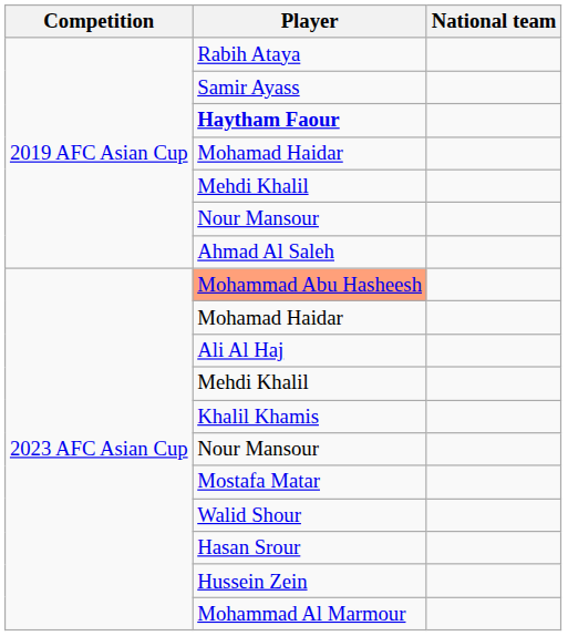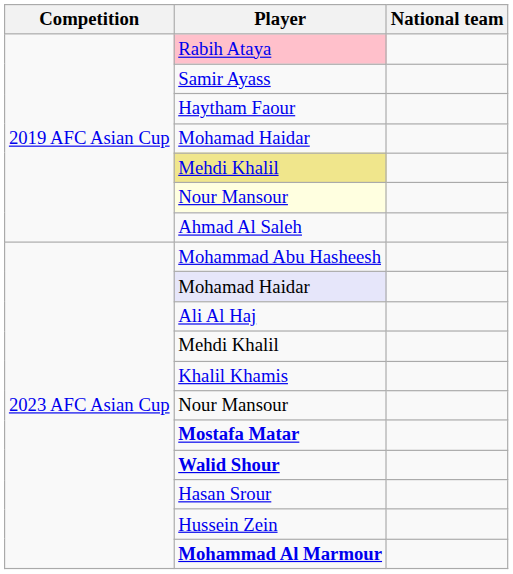 <table class="wikitable">
 <tr>
 <th>Competition</th>
 <th>Player</th>
 <th>National team</th>
 </tr>
 <tr>
 <td rowspan="7"><a href='#'>2019 AFC Asian Cup</a></td>
-<td><a href='#'>Rabih Ataya</a></td>
+<td style="background: pink;"><a href='#'>Rabih Ataya</a></td>
 <td></td>
 </tr>
 <tr>
 <td><a href='#'>Samir Ayass</a></td>
 <td></td>
 </tr>
 <tr>
-<td><strong><a href='#'>Haytham Faour</a></strong></td>
+<td><a href='#'>Haytham Faour</a></td>
 <td></td>
 </tr>
 <tr>
 <td><a href='#'>Mohamad Haidar</a></td>
 <td></td>
 </tr>
 <tr>
-<td><a href='#'>Mehdi Khalil</a></td>
+<td style="background: khaki;"><a href='#'>Mehdi Khalil</a></td>
 <td></td>
 </tr>
 <tr>
-<td><a href='#'>Nour Mansour</a></td>
+<td style="background: lightyellow;"><a href='#'>Nour Mansour</a></td>
 <td></td>
 </tr>
 <tr>
 <td><a href='#'>Ahmad Al Saleh</a></td>
 <td></td>
 </tr>
 <tr>
 <td rowspan="11"><a href='#'>2023 AFC Asian Cup</a></td>
-<td style="background: lightsalmon;"><a href='#'>Mohammad Abu Hasheesh</a></td>
+<td><a href='#'>Mohammad Abu Hasheesh</a></td>
 <td></td>
 </tr>
 <tr>
-<td>Mohamad Haidar</td>
+<td style="background: lavender;">Mohamad Haidar</td>
 <td></td>
 </tr>
 <tr>
 <td><a href='#'>Ali Al Haj</a></td>
 <td></td>
 </tr>
 <tr>
 <td>Mehdi Khalil</td>
 <td></td>
 </tr>
 <tr>
 <td><a href='#'>Khalil Khamis</a></td>
 <td></td>
 </tr>
 <tr>
 <td>Nour Mansour</td>
 <td></td>
 </tr>
 <tr>
-<td><a href='#'>Mostafa Matar</a></td>
+<td><strong><a href='#'>Mostafa Matar</a></strong></td>
 <td></td>
 </tr>
 <tr>
-<td><a href='#'>Walid Shour</a></td>
+<td><strong><a href='#'>Walid Shour</a></strong></td>
 <td></td>
 </tr>
 <tr>
 <td><a href='#'>Hasan Srour</a></td>
 <td></td>
 </tr>
 <tr>
 <td><a href='#'>Hussein Zein</a></td>
 <td></td>
 </tr>
 <tr>
-<td><a href='#'>Mohammad Al Marmour</a></td>
+<td><strong><a href='#'>Mohammad Al Marmour</a></strong></td>
 <td></td>
 </tr>
 </table>
